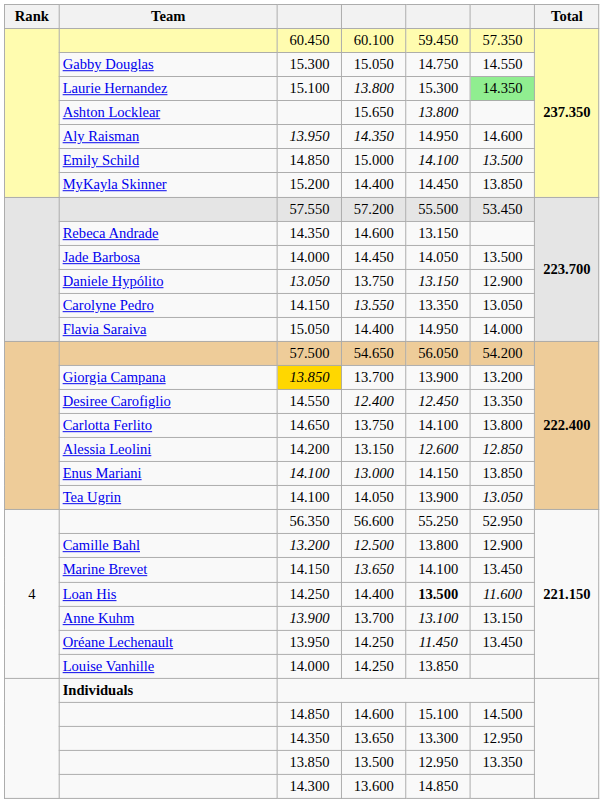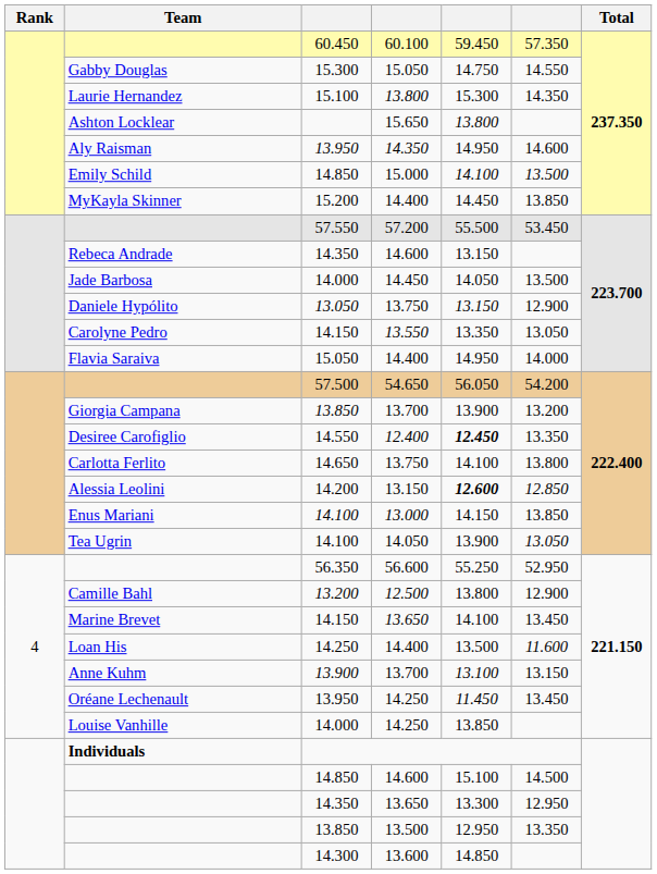 <table class="wikitable" style="text-align:center; font-size:95%">
 <tr>
 <th scope="col" style="width:50px;">Rank</th>
 <th scope="col" style="width:220px;">Team</th>
 <th scope="col" style="width:60px;"></th>
 <th scope="col" style="width:60px;"></th>
 <th scope="col" style="width:60px;"></th>
 <th scope="col" style="width:60px;"></th>
 <th scope="col" style="width:60px;">Total</th>
 </tr>
 <tr style="background:#fffcaf;">
 <td rowspan=7></td>
 <td style="text-align:left;"><strong></strong></td>
 <td>60.450</td>
 <td>60.100</td>
 <td>59.450</td>
 <td>57.350</td>
 <td rowspan=7><strong>237.350</strong></td>
 </tr>
 <tr>
 <td style="text-align:left;"><a href='#'>Gabby Douglas</a></td>
 <td>15.300</td>
 <td>15.050</td>
 <td>14.750</td>
 <td>14.550</td>
 </tr>
 <tr>
 <td style="text-align:left;"><a href='#'>Laurie Hernandez</a></td>
 <td>15.100</td>
 <td><em>13.800</em></td>
 <td>15.300</td>
-<td style="background: lightgreen;">14.350</td>
+<td>14.350</td>
 </tr>
 <tr>
 <td style="text-align:left;"><a href='#'>Ashton Locklear</a></td>
 <td></td>
 <td>15.650</td>
 <td><em>13.800</em></td>
 <td></td>
 </tr>
 <tr>
 <td style="text-align:left;"><a href='#'>Aly Raisman</a></td>
 <td><em>13.950</em></td>
 <td><em>14.350</em></td>
 <td>14.950</td>
 <td>14.600</td>
 </tr>
 <tr>
 <td style="text-align:left;"><a href='#'>Emily Schild</a></td>
 <td>14.850</td>
 <td>15.000</td>
 <td><em>14.100</em></td>
 <td><em>13.500</em></td>
 </tr>
 <tr>
 <td style="text-align:left;"><a href='#'>MyKayla Skinner</a></td>
 <td>15.200</td>
 <td>14.400</td>
 <td>14.450</td>
 <td>13.850</td>
 </tr>
 <tr style="background:#e5e5e5;">
 <td rowspan=6></td>
 <td style="text-align:left;"><strong></strong></td>
 <td>57.550</td>
 <td>57.200</td>
 <td>55.500</td>
 <td>53.450</td>
 <td rowspan=6><strong>223.700</strong></td>
 </tr>
 <tr>
 <td style="text-align:left;"><a href='#'>Rebeca Andrade</a></td>
 <td>14.350</td>
 <td>14.600</td>
 <td>13.150</td>
 <td></td>
 </tr>
 <tr>
 <td style="text-align:left;"><a href='#'>Jade Barbosa</a></td>
 <td>14.000</td>
 <td>14.450</td>
 <td>14.050</td>
 <td>13.500</td>
 </tr>
 <tr>
 <td style="text-align:left;"><a href='#'>Daniele Hypólito</a></td>
 <td><em>13.050</em></td>
 <td>13.750</td>
 <td><em>13.150</em></td>
 <td>12.900</td>
 </tr>
 <tr>
 <td style="text-align:left;"><a href='#'>Carolyne Pedro</a></td>
 <td>14.150</td>
 <td><em>13.550</em></td>
 <td>13.350</td>
 <td>13.050</td>
 </tr>
 <tr>
 <td style="text-align:left;"><a href='#'>Flavia Saraiva</a></td>
 <td>15.050</td>
 <td>14.400</td>
 <td>14.950</td>
 <td>14.000</td>
 </tr>
 <tr style="background:#ec9;">
 <td rowspan=7></td>
 <td style="text-align:left;"><strong></strong></td>
 <td>57.500</td>
 <td>54.650</td>
 <td>56.050</td>
 <td>54.200</td>
 <td rowspan=7><strong>222.400</strong></td>
 </tr>
 <tr>
 <td style="text-align:left;"><a href='#'>Giorgia Campana</a></td>
-<td style="background: gold;"><em>13.850</em></td>
+<td><em>13.850</em></td>
 <td>13.700</td>
 <td>13.900</td>
 <td>13.200</td>
 </tr>
 <tr>
 <td style="text-align:left;"><a href='#'>Desiree Carofiglio</a></td>
 <td>14.550</td>
 <td><em>12.400</em></td>
-<td><em>12.450</em></td>
+<td><strong><em>12.450</em></strong></td>
 <td>13.350</td>
 </tr>
 <tr>
 <td style="text-align:left;"><a href='#'>Carlotta Ferlito</a></td>
 <td>14.650</td>
 <td>13.750</td>
 <td>14.100</td>
 <td>13.800</td>
 </tr>
 <tr>
 <td style="text-align:left;"><a href='#'>Alessia Leolini</a></td>
 <td>14.200</td>
 <td>13.150</td>
-<td><em>12.600</em></td>
+<td><strong><em>12.600</em></strong></td>
 <td><em>12.850</em></td>
 </tr>
 <tr>
 <td style="text-align:left;"><a href='#'>Enus Mariani</a></td>
 <td><em>14.100</em></td>
 <td><em>13.000</em></td>
 <td>14.150</td>
 <td>13.850</td>
 </tr>
 <tr>
 <td style="text-align:left;"><a href='#'>Tea Ugrin</a></td>
 <td>14.100</td>
 <td>14.050</td>
 <td>13.900</td>
 <td><em>13.050</em></td>
 </tr>
 <tr>
 <td rowspan=7>4</td>
 <td style="text-align:left;"><strong></strong></td>
 <td>56.350</td>
 <td>56.600</td>
 <td>55.250</td>
 <td>52.950</td>
 <td rowspan=7><strong>221.150</strong></td>
 </tr>
 <tr>
 <td style="text-align:left;"><a href='#'>Camille Bahl</a></td>
 <td><em>13.200</em></td>
 <td><em>12.500</em></td>
 <td>13.800</td>
 <td>12.900</td>
 </tr>
 <tr>
 <td style="text-align:left;"><a href='#'>Marine Brevet</a></td>
 <td>14.150</td>
 <td><em>13.650</em></td>
 <td>14.100</td>
 <td>13.450</td>
 </tr>
 <tr>
 <td style="text-align:left;"><a href='#'>Loan His</a></td>
 <td>14.250</td>
 <td>14.400</td>
-<td><strong>13.500</strong></td>
+<td>13.500</td>
 <td><em>11.600</em></td>
 </tr>
 <tr>
 <td style="text-align:left;"><a href='#'>Anne Kuhm</a></td>
 <td><em>13.900</em></td>
 <td>13.700</td>
 <td><em>13.100</em></td>
 <td>13.150</td>
 </tr>
 <tr>
 <td style="text-align:left;"><a href='#'>Oréane Lechenault</a></td>
 <td>13.950</td>
 <td>14.250</td>
 <td><em>11.450</em></td>
 <td>13.450</td>
 </tr>
 <tr>
 <td style="text-align:left;"><a href='#'>Louise Vanhille</a></td>
 <td>14.000</td>
 <td>14.250</td>
 <td>13.850</td>
 <td></td>
 </tr>
 <tr>
 <td rowspan=7></td>
 <td style="text-align:left;"><strong>Individuals</strong></td>
 <td colspan=4></td>
 <td rowspan=7></td>
 </tr>
 <tr>
 <td style="text-align:left;"></td>
 <td>14.850</td>
 <td>14.600</td>
 <td>15.100</td>
 <td>14.500</td>
 </tr>
 <tr>
 <td style="text-align:left;"></td>
 <td>14.350</td>
 <td>13.650</td>
 <td>13.300</td>
 <td>12.950</td>
 </tr>
 <tr>
 <td style="text-align:left;"></td>
 <td>13.850</td>
 <td>13.500</td>
 <td>12.950</td>
 <td>13.350</td>
 </tr>
 <tr>
 <td style="text-align:left;"></td>
 <td>14.300</td>
 <td>13.600</td>
 <td>14.850</td>
 <td></td>
 </tr>
 </table>
